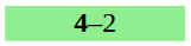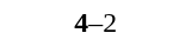 <table style="text-align:center">
 <tr>
 <th width=223></th>
 <th width=100></th>
 <th width=223></th>
 </tr>
 <tr>
 <td align=right></td>
-<td style="background: lightgreen;"><strong>4</strong>–2</td>
+<td><strong>4</strong>–2</td>
 <td align=left> <small><span></span></small></td>
 </tr>
 </table>
